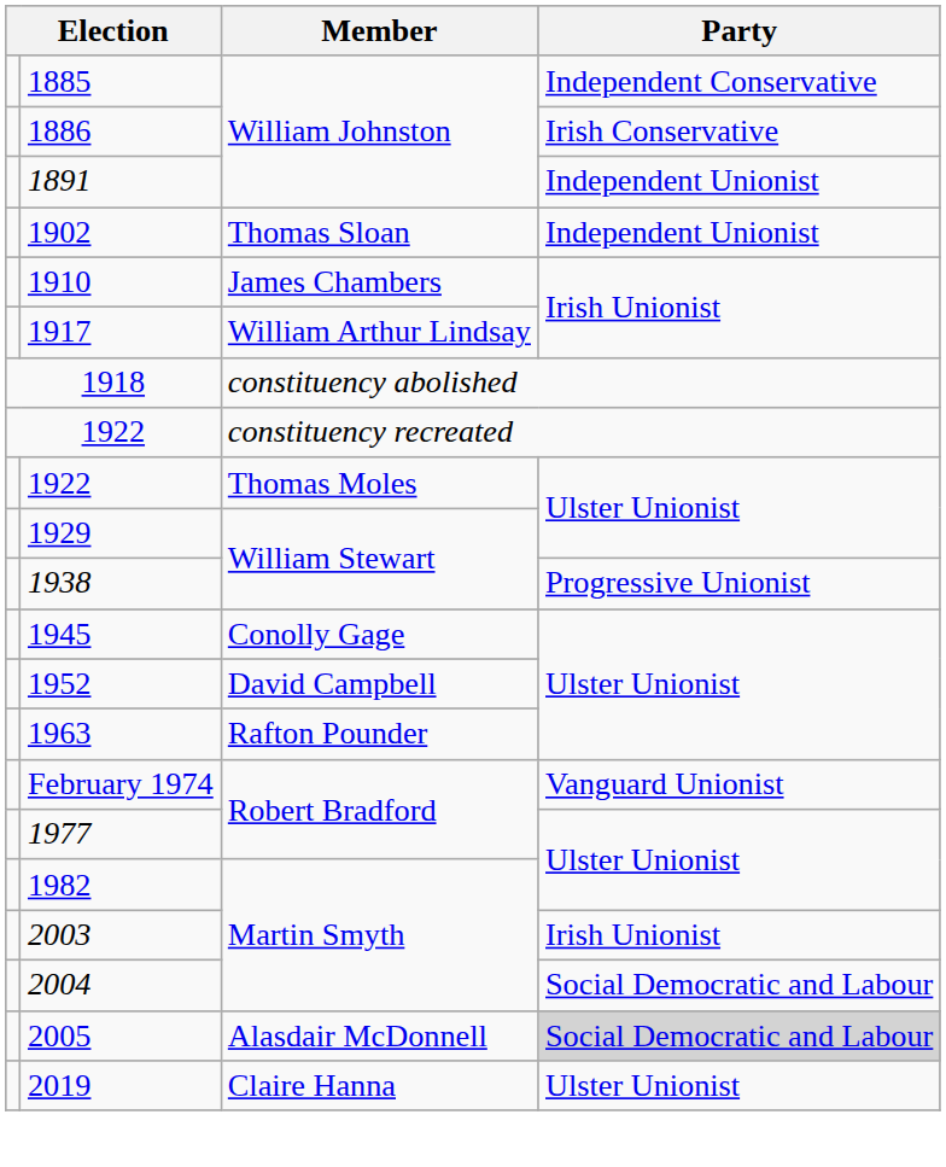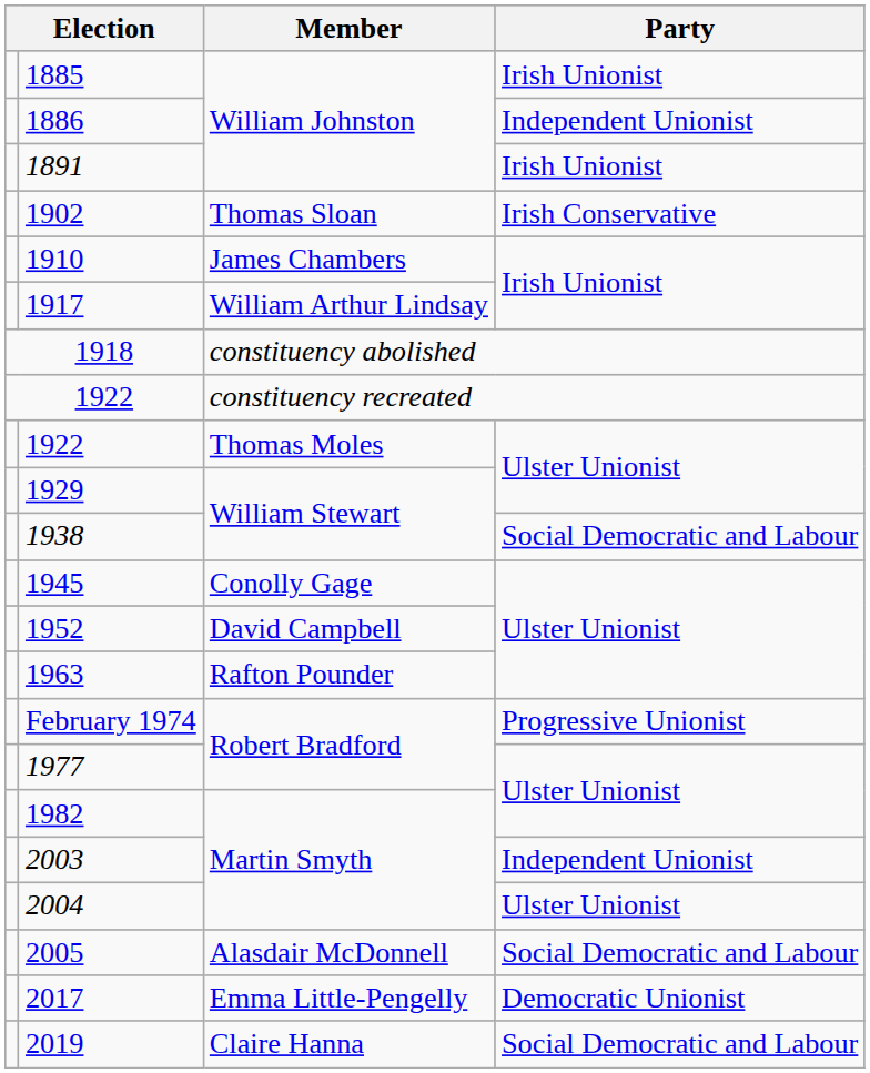 <table class="wikitable">
 <tr>
 <th colspan="2">Election</th>
 <th>Member</th>
 <th>Party</th>
 </tr>
 <tr>
 <td style="color:inherit;background-color: "></td>
 <td><a href='#'>1885</a></td>
 <td rowspan="3"><a href='#'>William Johnston</a></td>
-<td><a href='#'>Independent Conservative</a></td>
+<td><a href='#'>Irish Unionist</a></td>
 </tr>
 <tr>
 <td style="color:inherit;background-color: "></td>
 <td><a href='#'>1886</a></td>
-<td><a href='#'>Irish Conservative</a></td>
+<td><a href='#'>Independent Unionist</a></td>
 </tr>
 <tr>
 <td style="color:inherit;background-color: "></td>
 <td><em>1891</em></td>
-<td><a href='#'>Independent Unionist</a></td>
+<td><a href='#'>Irish Unionist</a></td>
 </tr>
 <tr>
 <td style="color:inherit;background-color: "></td>
 <td><a href='#'>1902</a></td>
 <td><a href='#'>Thomas Sloan</a></td>
-<td><a href='#'>Independent Unionist</a></td>
+<td><a href='#'>Irish Conservative</a></td>
 </tr>
 <tr>
 <td style="color:inherit;background-color: "></td>
 <td><a href='#'>1910</a></td>
 <td><a href='#'>James Chambers</a></td>
 <td rowspan="2"><a href='#'>Irish Unionist</a></td>
 </tr>
 <tr>
 <td style="color:inherit;background-color: "></td>
 <td><a href='#'>1917</a></td>
 <td><a href='#'>William Arthur Lindsay</a></td>
 </tr>
 <tr>
 <td colspan="2" align="center"><a href='#'>1918</a></td>
 <td colspan="2"><em>constituency abolished</em></td>
 </tr>
 <tr>
 <td colspan="2" align="center"><a href='#'>1922</a></td>
 <td colspan="2"><em>constituency recreated</em></td>
 </tr>
 <tr>
 <td style="color:inherit;background-color: "></td>
 <td><a href='#'>1922</a></td>
 <td><a href='#'>Thomas Moles</a></td>
 <td rowspan="2"><a href='#'>Ulster Unionist</a></td>
 </tr>
 <tr>
 <td style="color:inherit;background-color: "></td>
 <td><a href='#'>1929</a></td>
 <td rowspan="2"><a href='#'>William Stewart</a></td>
 </tr>
 <tr>
 <td style="color:inherit;background-color: "></td>
 <td><em>1938</em></td>
-<td><a href='#'>Progressive Unionist</a></td>
+<td><a href='#'>Social Democratic and Labour</a></td>
 </tr>
 <tr>
 <td style="color:inherit;background-color: "></td>
 <td><a href='#'>1945</a></td>
 <td><a href='#'>Conolly Gage</a></td>
 <td rowspan="3"><a href='#'>Ulster Unionist</a></td>
 </tr>
 <tr>
 <td style="color:inherit;background-color: "></td>
 <td><a href='#'>1952</a></td>
 <td><a href='#'>David Campbell</a></td>
 </tr>
 <tr>
 <td style="color:inherit;background-color: "></td>
 <td><a href='#'>1963</a></td>
 <td><a href='#'>Rafton Pounder</a></td>
 </tr>
 <tr>
 <td style="color:inherit;background-color: "></td>
 <td><a href='#'>February 1974</a></td>
 <td rowspan="2"><a href='#'>Robert Bradford</a></td>
-<td><a href='#'>Vanguard Unionist</a></td>
+<td><a href='#'>Progressive Unionist</a></td>
 </tr>
 <tr>
 <td style="color:inherit;background-color: "></td>
 <td><em>1977</em></td>
 <td rowspan="2"><a href='#'>Ulster Unionist</a></td>
 </tr>
 <tr>
 <td style="color:inherit;background-color: "></td>
 <td><a href='#'>1982</a></td>
 <td rowspan=3><a href='#'>Martin Smyth</a></td>
 </tr>
 <tr>
 <td style="color:inherit;background-color: "></td>
 <td><em>2003</em></td>
-<td><a href='#'>Irish Unionist</a></td>
+<td><a href='#'>Independent Unionist</a></td>
 </tr>
 <tr>
 <td style="color:inherit;background-color: "></td>
 <td><em>2004</em></td>
-<td><a href='#'>Social Democratic and Labour</a></td>
+<td><a href='#'>Ulster Unionist</a></td>
 </tr>
 <tr>
 <td style="color:inherit;background-color: "></td>
 <td><a href='#'>2005</a></td>
 <td><a href='#'>Alasdair McDonnell</a></td>
-<td style="background: lightgrey;"><a href='#'>Social Democratic and Labour</a></td>
+<td><a href='#'>Social Democratic and Labour</a></td>
+</tr>
+<tr>
+<td style="color:inherit;background-color: "></td>
+<td><a href='#'>2017</a></td>
+<td><a href='#'>Emma Little-Pengelly</a></td>
+<td><a href='#'>Democratic Unionist</a></td>
 </tr>
 <tr>
 <td style="color:inherit;background-color: "></td>
 <td><a href='#'>2019</a></td>
 <td><a href='#'>Claire Hanna</a></td>
-<td><a href='#'>Ulster Unionist</a></td>
+<td><a href='#'>Social Democratic and Labour</a></td>
 </tr>
 </table>
